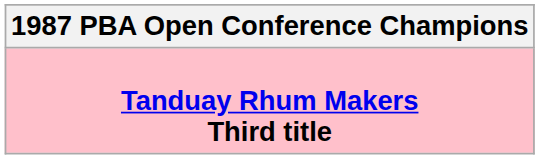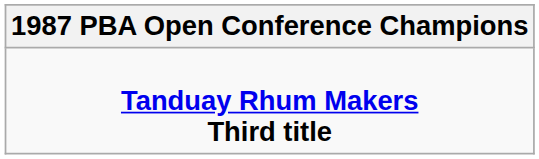 <table class=wikitable style="text-align:center; margin:auto">
 <tr>
 <th>1987 PBA Open Conference Champions</th>
 </tr>
 <tr>
-<td style="background: pink;"><br> <strong><a href='#'>Tanduay Rhum Makers</a></strong> <br> <strong>Third title</strong></td>
+<td><br> <strong><a href='#'>Tanduay Rhum Makers</a></strong> <br> <strong>Third title</strong></td>
 </tr>
 </table>
